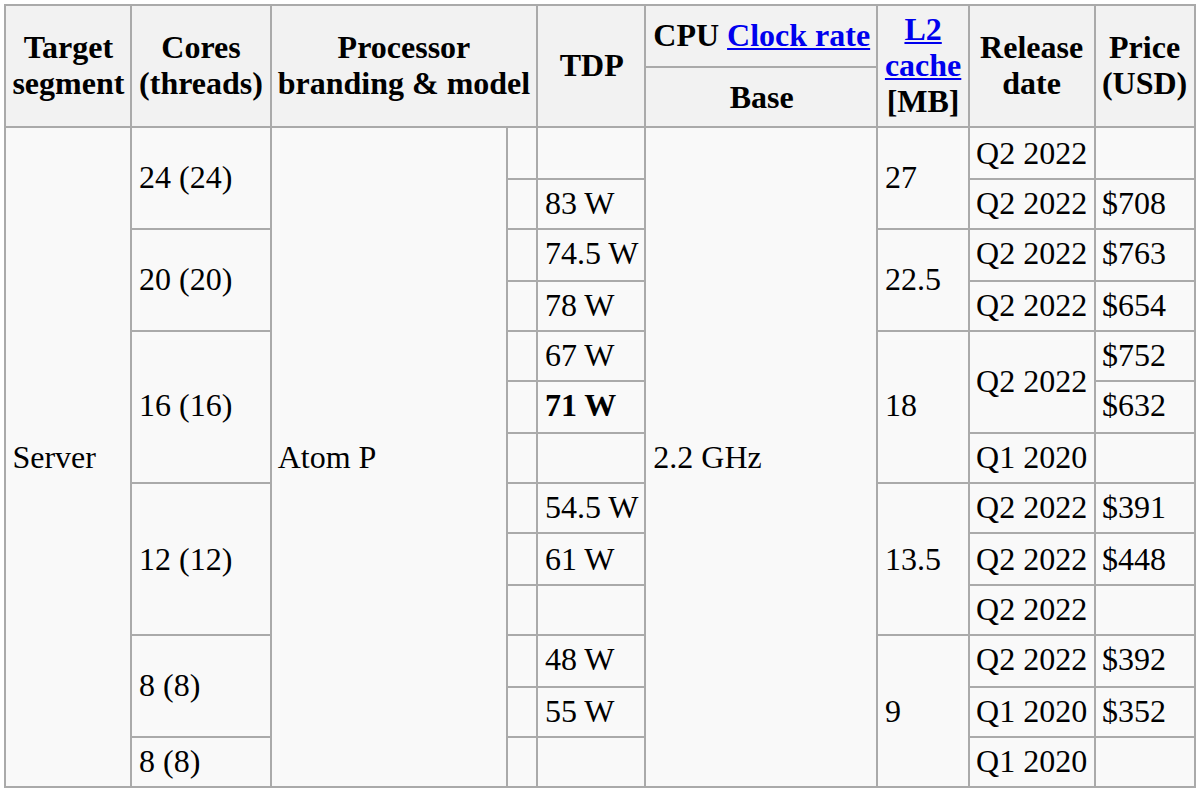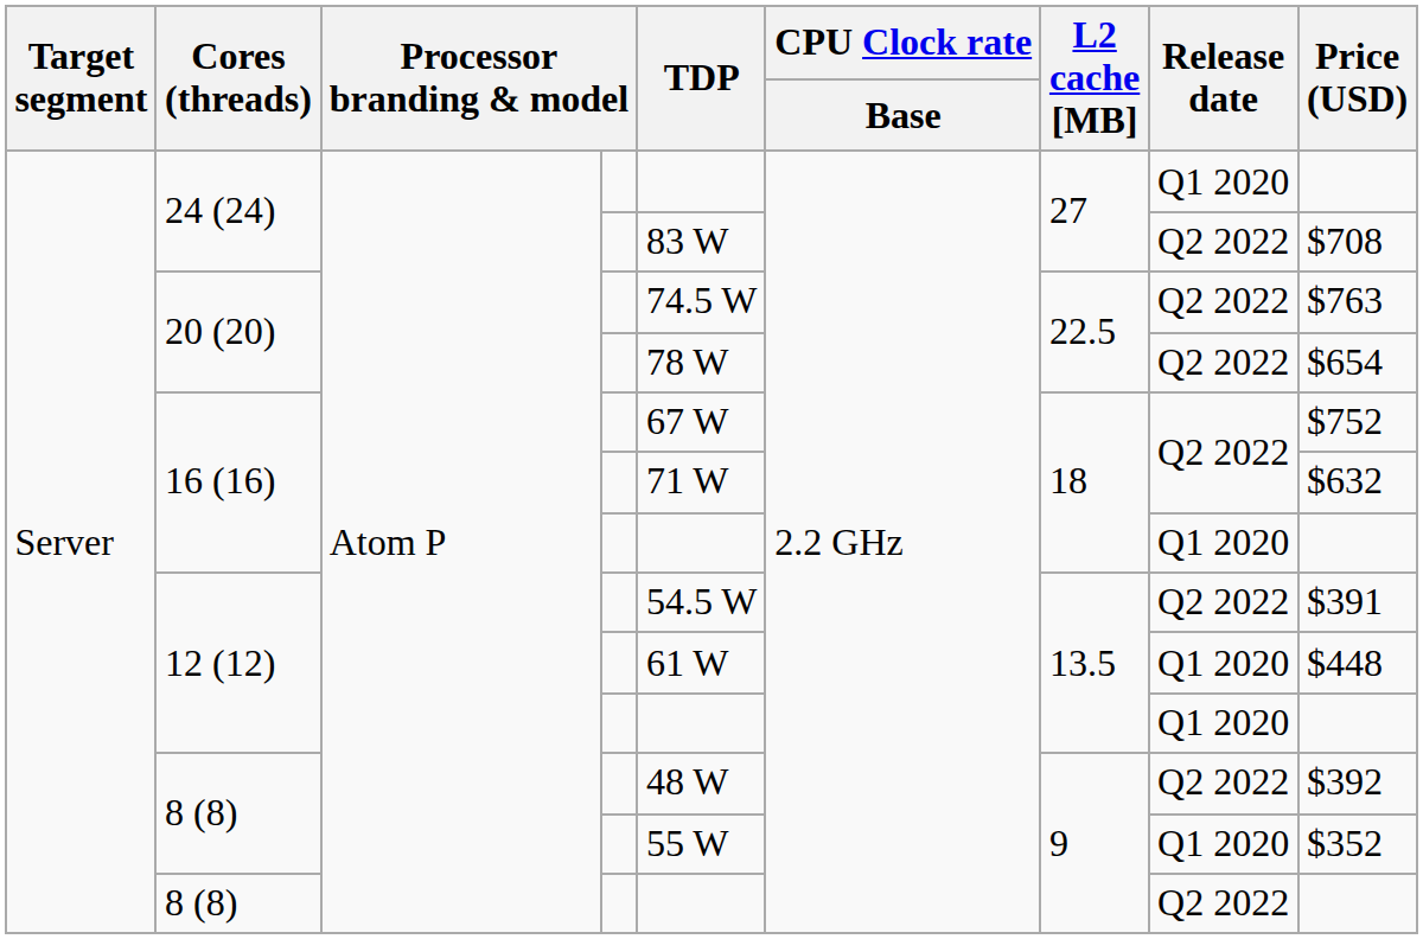 <table class="wikitable">
 <tr>
 <th rowspan=2>Target<br>segment</th>
 <th rowspan=2>Cores<br>(threads)</th>
 <th colspan=2 rowspan="2">Processor<br>branding & model</th>
 <th rowspan=2>TDP</th>
 <th>CPU <a href='#'>Clock rate</a></th>
 <th rowspan=2><a href='#'>L2<br>cache</a><br>[MB]</th>
 <th rowspan=2>Release<br>date</th>
 <th rowspan=2>Price<br>(USD)</th>
 </tr>
 <tr>
 <th>Base</th>
 </tr>
 <tr>
 <td rowspan="13">Server</td>
 <td rowspan="2">24 (24)</td>
 <td rowspan="13">Atom P</td>
 <td></td>
 <td></td>
 <td rowspan="13">2.2 GHz</td>
 <td rowspan="2">27</td>
-<td>Q2 2022</td>
+<td>Q1 2020</td>
 <td></td>
 </tr>
 <tr>
 <td></td>
 <td>83 W</td>
 <td>Q2 2022</td>
 <td>$708</td>
 </tr>
 <tr>
 <td rowspan="2">20 (20)</td>
 <td></td>
 <td>74.5 W</td>
 <td rowspan="2">22.5</td>
 <td>Q2 2022</td>
 <td>$763</td>
 </tr>
 <tr>
 <td></td>
 <td>78 W</td>
 <td>Q2 2022</td>
 <td>$654</td>
 </tr>
 <tr>
 <td rowspan="3">16 (16)</td>
 <td></td>
 <td>67 W</td>
 <td rowspan="3">18</td>
 <td rowspan="2">Q2 2022</td>
 <td>$752</td>
 </tr>
 <tr>
 <td></td>
-<td><strong>71 W</strong></td>
+<td>71 W</td>
 <td>$632</td>
 </tr>
 <tr>
 <td></td>
 <td></td>
 <td>Q1 2020</td>
 <td></td>
 </tr>
 <tr>
 <td rowspan="3">12 (12)</td>
 <td></td>
 <td>54.5 W</td>
 <td rowspan="3">13.5</td>
 <td>Q2 2022</td>
 <td>$391</td>
 </tr>
 <tr>
 <td></td>
 <td>61 W</td>
-<td>Q2 2022</td>
+<td>Q1 2020</td>
 <td>$448</td>
 </tr>
 <tr>
 <td></td>
 <td></td>
-<td>Q2 2022</td>
+<td>Q1 2020</td>
 <td></td>
 </tr>
 <tr>
 <td rowspan="2">8 (8)</td>
 <td></td>
 <td>48 W</td>
 <td rowspan="3">9</td>
 <td>Q2 2022</td>
 <td>$392</td>
 </tr>
 <tr>
 <td></td>
 <td>55 W</td>
 <td>Q1 2020</td>
 <td>$352</td>
 </tr>
 <tr>
 <td>8 (8)</td>
 <td></td>
 <td></td>
-<td>Q1 2020</td>
+<td>Q2 2022</td>
 <td></td>
 </tr>
 </table>
